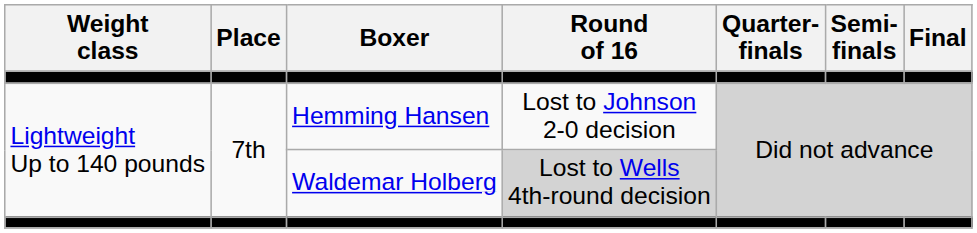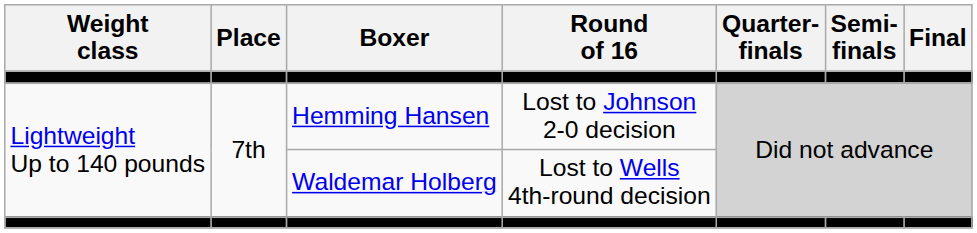 <table class=wikitable>
 <tr>
 <th>Weight <br> class</th>
 <th>Place</th>
 <th>Boxer</th>
 <th>Round <br> of 16</th>
 <th>Quarter-<br>finals</th>
 <th>Semi-<br>finals</th>
 <th>Final</th>
 </tr>
 <tr bgcolor=black>
 <td></td>
 <td></td>
 <td></td>
 <td></td>
 <td></td>
 <td></td>
 <td></td>
 </tr>
 <tr align=center>
 <td rowspan=2 align=left><a href='#'>Lightweight</a> <br> Up to 140 pounds</td>
 <td rowspan=2>7th</td>
 <td align=left><a href='#'>Hemming Hansen</a></td>
 <td>Lost to <a href='#'>Johnson</a> <br> 2-0 decision</td>
 <td rowspan=2 colspan=3 bgcolor=lightgray>Did not advance</td>
 </tr>
 <tr align=center>
 <td align=left><a href='#'>Waldemar Holberg</a></td>
-<td style="background: lightgrey;">Lost to <a href='#'>Wells</a> <br> 4th-round decision</td>
+<td>Lost to <a href='#'>Wells</a> <br> 4th-round decision</td>
 </tr>
 <tr bgcolor=black>
 <td></td>
 <td></td>
 <td></td>
 <td></td>
 <td></td>
 <td></td>
 <td></td>
 </tr>
 </table>
